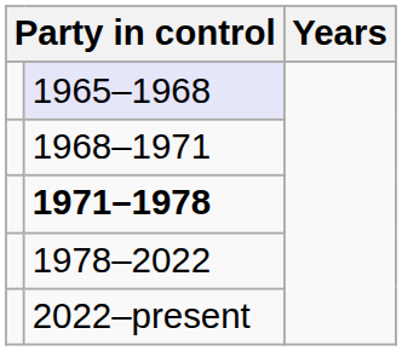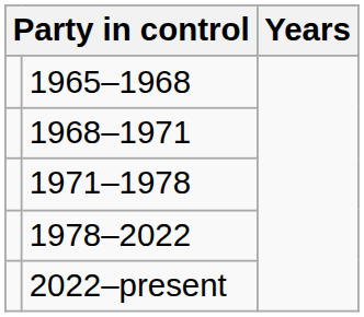 <table class="wikitable">
 <tr>
 <th colspan=2>Party in control</th>
 <th>Years</th>
 </tr>
 <tr>
 <td></td>
-<td style="background: lavender;">1965–1968</td>
+<td>1965–1968</td>
 </tr>
 <tr>
 <td></td>
 <td>1968–1971</td>
 </tr>
 <tr>
 <td></td>
-<td><strong>1971–1978</strong></td>
+<td>1971–1978</td>
 </tr>
 <tr>
 <td></td>
 <td>1978–2022</td>
 </tr>
 <tr>
 <td></td>
 <td>2022–present</td>
 </tr>
 </table>
